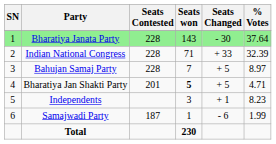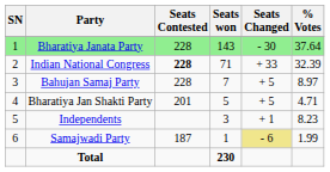 <table class="wikitable sortable" style="text-align:center;">
 <tr bgcolor="#cccccc">
 <th>SN</th>
 <th>Party</th>
 <th>Seats<br>Contested</th>
 <th>Seats<br>won</th>
 <th>Seats<br> Changed</th>
 <th>%<br>Votes</th>
 </tr>
 <tr>
 </tr>
 <tr style="background: #90EE90;">
 <td>1</td>
 <td><a href='#'>Bharatiya Janata Party</a></td>
 <td>228</td>
 <td>143</td>
 <td>- 30</td>
 <td>37.64</td>
 </tr>
 <tr>
 <td>2</td>
 <td><a href='#'>Indian National Congress</a></td>
-<td>228</td>
+<td><strong>228</strong></td>
 <td>71</td>
 <td>+ 33</td>
 <td>32.39</td>
 </tr>
 <tr>
 <td>3</td>
 <td><a href='#'>Bahujan Samaj Party</a></td>
 <td>228</td>
 <td>7</td>
 <td>+ 5</td>
 <td>8.97</td>
 </tr>
 <tr>
 <td>4</td>
 <td>Bharatiya Jan Shakti Party</td>
 <td>201</td>
-<td><strong>5</strong></td>
+<td>5</td>
 <td>+ 5</td>
 <td>4.71</td>
 </tr>
 <tr>
 <td>5</td>
 <td><a href='#'>Independents</a></td>
 <td></td>
 <td>3</td>
 <td>+ 1</td>
 <td>8.23</td>
 </tr>
 <tr>
 <td>6</td>
 <td><a href='#'>Samajwadi Party</a></td>
 <td>187</td>
 <td>1</td>
-<td>- 6</td>
+<td style="background: khaki;">- 6</td>
 <td>1.99</td>
 </tr>
 <tr>
 <td></td>
 <td><strong>Total</strong></td>
 <td></td>
 <td><strong>230</strong></td>
 <td></td>
 <td></td>
 </tr>
 </table>
